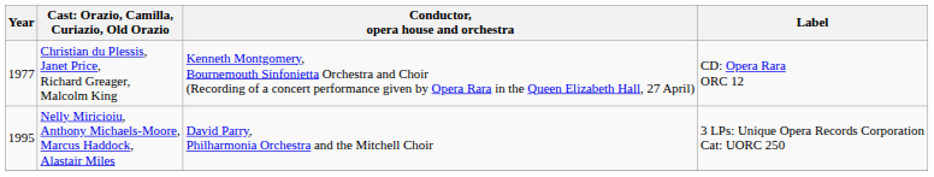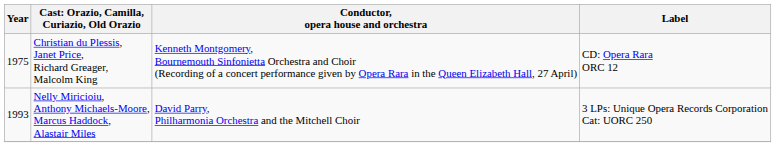 <table class="wikitable">
 <tr>
 <th>Year</th>
 <th>Cast: Orazio, Camilla,<br>Curiazio, Old Orazio</th>
 <th>Conductor,<br>opera house and orchestra</th>
 <th>Label</th>
 </tr>
 <tr>
-<td>1977</td>
+<td>1975</td>
 <td><a href='#'>Christian du Plessis</a>,<br><a href='#'>Janet Price</a>,<br>Richard Greager,<br>Malcolm King</td>
 <td><a href='#'>Kenneth Montgomery</a>,<br><a href='#'>Bournemouth Sinfonietta</a> Orchestra and Choir<br>(Recording of a concert performance given by <a href='#'>Opera Rara</a> in the <a href='#'>Queen Elizabeth Hall</a>, 27 April)</td>
 <td>CD: <a href='#'>Opera Rara</a><br>ORC 12</td>
 </tr>
 <tr>
-<td>1995</td>
+<td>1993</td>
 <td><a href='#'>Nelly Miricioiu</a>,<br><a href='#'>Anthony Michaels-Moore</a>,<br><a href='#'>Marcus Haddock</a>,<br><a href='#'>Alastair Miles</a></td>
 <td><a href='#'>David Parry</a>,<br><a href='#'>Philharmonia Orchestra</a> and the Mitchell Choir</td>
 <td>3 LPs: Unique Opera Records Corporation<br>Cat: UORC 250</td>
 </tr>
 <tr>
 </tr>
 </table>
